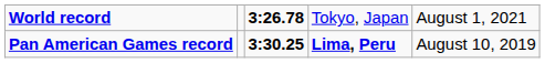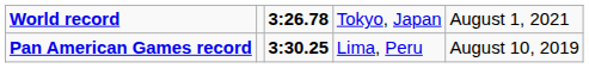 <table class="wikitable">
 <tr>
 <td><strong><a href='#'>World record</a></strong></td>
 <td></td>
 <td><strong>3:26.78</strong></td>
 <td><a href='#'>Tokyo</a>, <a href='#'>Japan</a></td>
 <td>August 1, 2021</td>
 </tr>
 <tr>
 <td><strong><a href='#'>Pan American Games record</a></strong></td>
 <td></td>
 <td><strong>3:30.25</strong></td>
-<td><strong><a href='#'>Lima</a>, <a href='#'>Peru</a></strong></td>
+<td><a href='#'>Lima</a>, <a href='#'>Peru</a></td>
 <td>August 10, 2019</td>
 </tr>
 </table>
